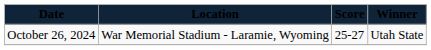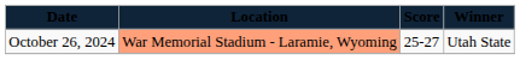 <table class="wikitable">
 <tr bgcolor=#0F2439 align=center>
 <td><span><strong>Date</strong></span></td>
 <td><span><strong>Location</strong></span></td>
 <td><span><strong>Score</strong></span></td>
 <td><span><strong>Winner</strong></span></td>
 </tr>
 <tr>
 <td>October 26, 2024</td>
-<td>War Memorial Stadium - Laramie, Wyoming</td>
+<td style="background: lightsalmon;">War Memorial Stadium - Laramie, Wyoming</td>
 <td>25-27</td>
 <td>Utah State</td>
 </tr>
 <tr>
 </tr>
 </table>
